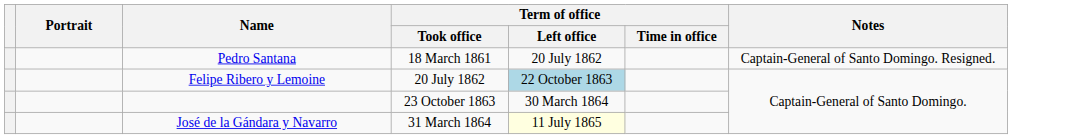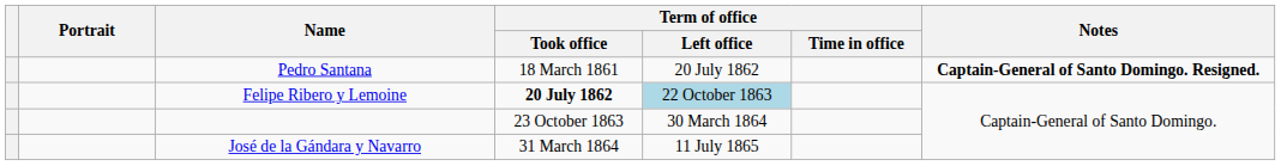 <table class="wikitable" style="text-align:center">
 <tr>
 <th rowspan="2" width="1%"></th>
 <th rowspan="2" width="10%">Portrait</th>
 <th rowspan="2" width="25%">Name<br></th>
 <th colspan="3" width="31.4%">Term of office</th>
 <th rowspan="2" width="26%">Notes</th>
 </tr>
 <tr>
 <th>Took office</th>
 <th>Left office</th>
 <th>Time in office</th>
 </tr>
 <tr>
 <th style="background:"></th>
 <td></td>
 <td><a href='#'>Pedro Santana</a><br></td>
 <td>18 March 1861</td>
 <td>20 July 1862</td>
 <td></td>
-<td>Captain-General of Santo Domingo. Resigned.<br></td>
+<td><strong>Captain-General of Santo Domingo. Resigned.<br></strong></td>
 </tr>
 <tr>
 <th style="background:"></th>
 <td></td>
 <td><a href='#'>Felipe Ribero y Lemoine</a><br></td>
-<td>20 July 1862</td>
+<td><strong>20 July 1862</strong></td>
 <td style="background: lightblue;">22 October 1863</td>
 <td></td>
 <td rowspan="3">Captain-General of Santo Domingo.</td>
 </tr>
 <tr>
 <th style="background:"></th>
 <td></td>
 <td><br></td>
 <td>23 October 1863</td>
 <td>30 March 1864</td>
 <td></td>
 </tr>
 <tr>
 <th style="background:"></th>
 <td></td>
 <td><a href='#'>José de la Gándara y Navarro</a><br></td>
 <td>31 March 1864</td>
-<td style="background: lightyellow;">11 July 1865</td>
+<td>11 July 1865</td>
 <td></td>
 </tr>
 </table>
